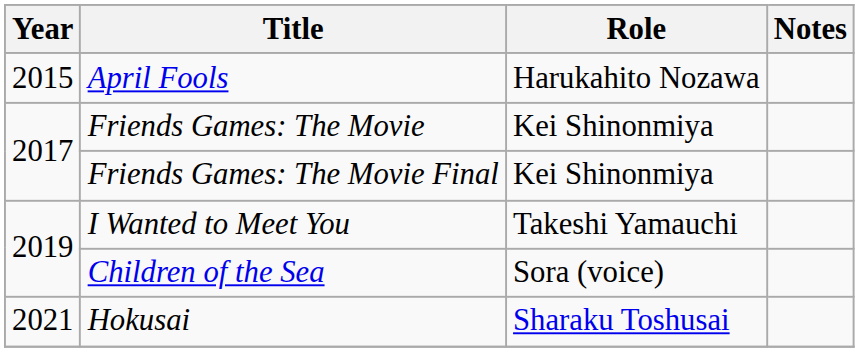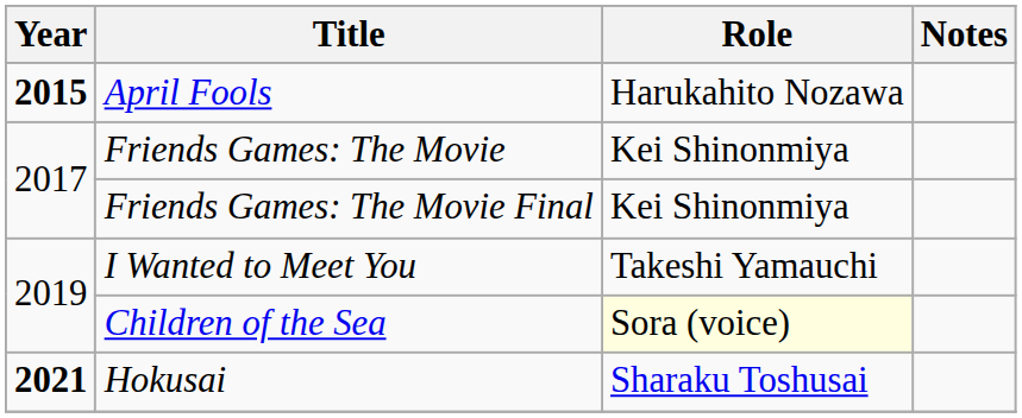 <table class="wikitable">
 <tr>
 <th>Year</th>
 <th>Title</th>
 <th>Role</th>
 <th>Notes</th>
 </tr>
 <tr>
-<td>2015</td>
+<td><strong>2015</strong></td>
 <td><em><a href='#'>April Fools</a></em></td>
 <td>Harukahito Nozawa</td>
 <td></td>
 </tr>
 <tr>
 <td rowspan="2">2017</td>
 <td><em>Friends Games: The Movie</em></td>
 <td>Kei Shinonmiya</td>
 <td></td>
 </tr>
 <tr>
 <td><em>Friends Games: The Movie Final</em></td>
 <td>Kei Shinonmiya</td>
 <td></td>
 </tr>
 <tr>
 <td rowspan="2">2019</td>
 <td><em>I Wanted to Meet You</em></td>
 <td>Takeshi Yamauchi</td>
 <td></td>
 </tr>
 <tr>
 <td><em><a href='#'>Children of the Sea</a></em></td>
-<td>Sora (voice)</td>
+<td style="background: lightyellow;">Sora (voice)</td>
 <td></td>
 </tr>
 <tr>
-<td>2021</td>
+<td><strong>2021</strong></td>
 <td><em>Hokusai</em></td>
 <td><a href='#'>Sharaku Toshusai</a></td>
 <td></td>
 </tr>
 <tr>
 </tr>
 </table>
